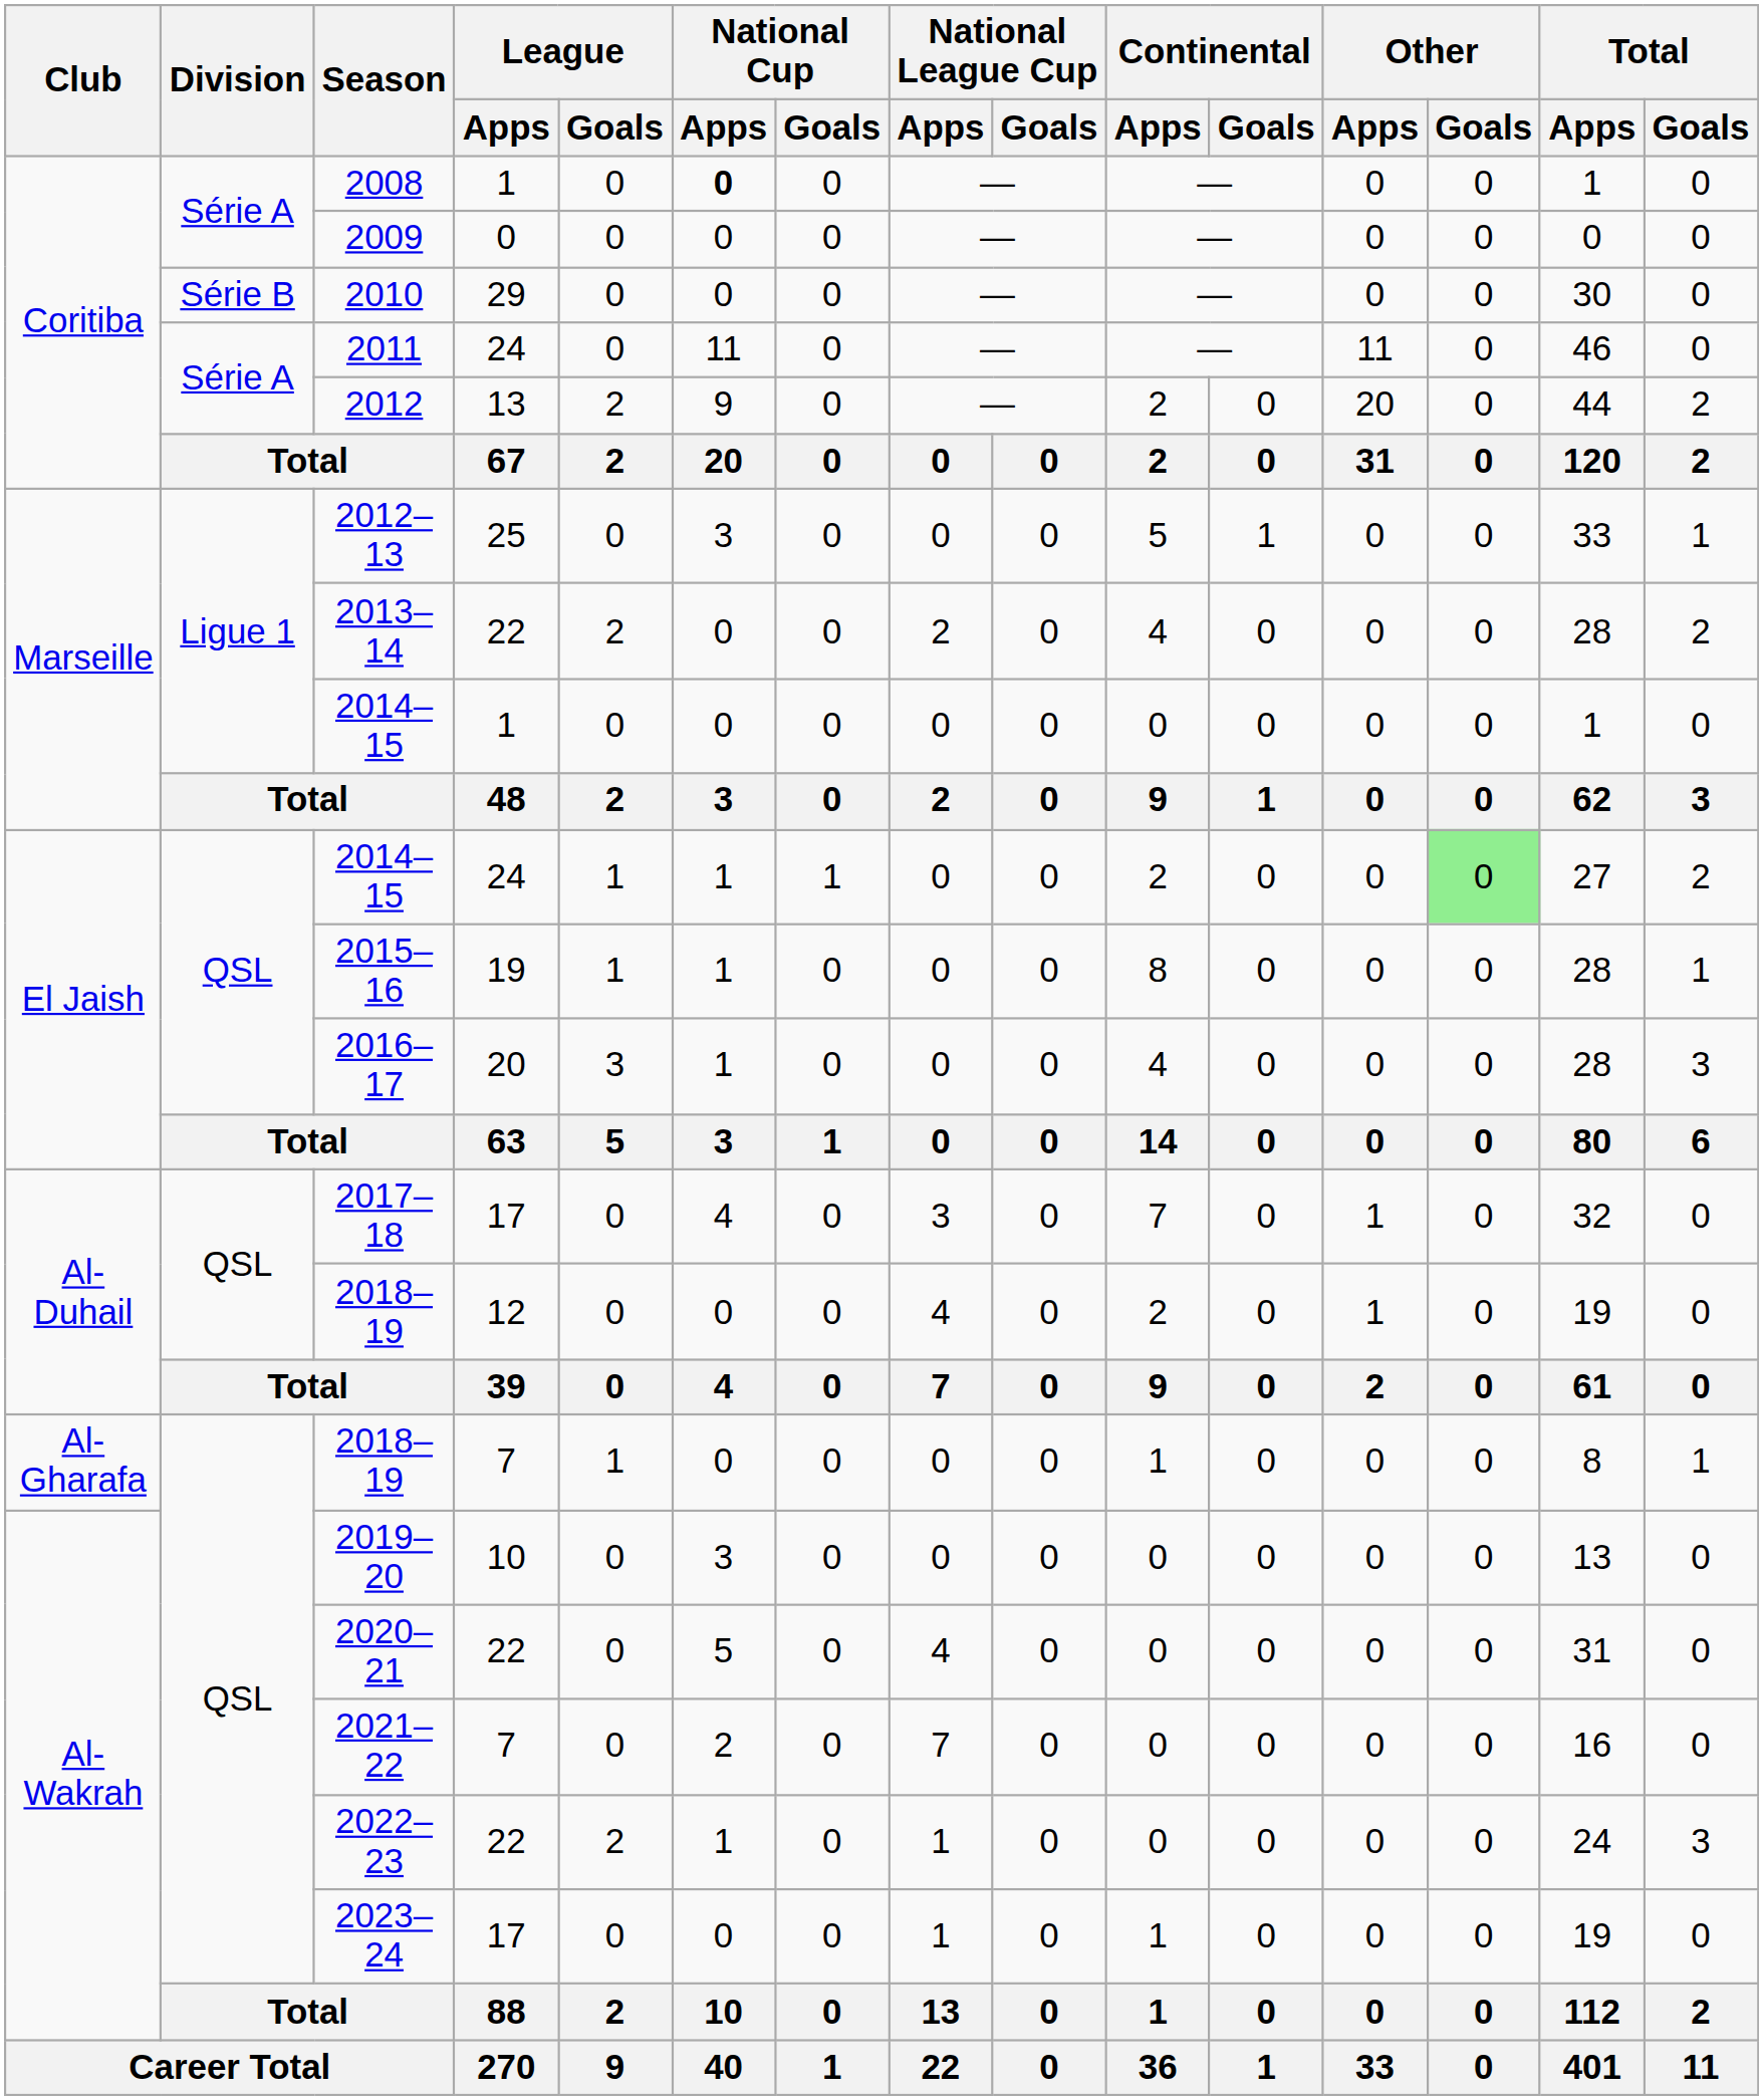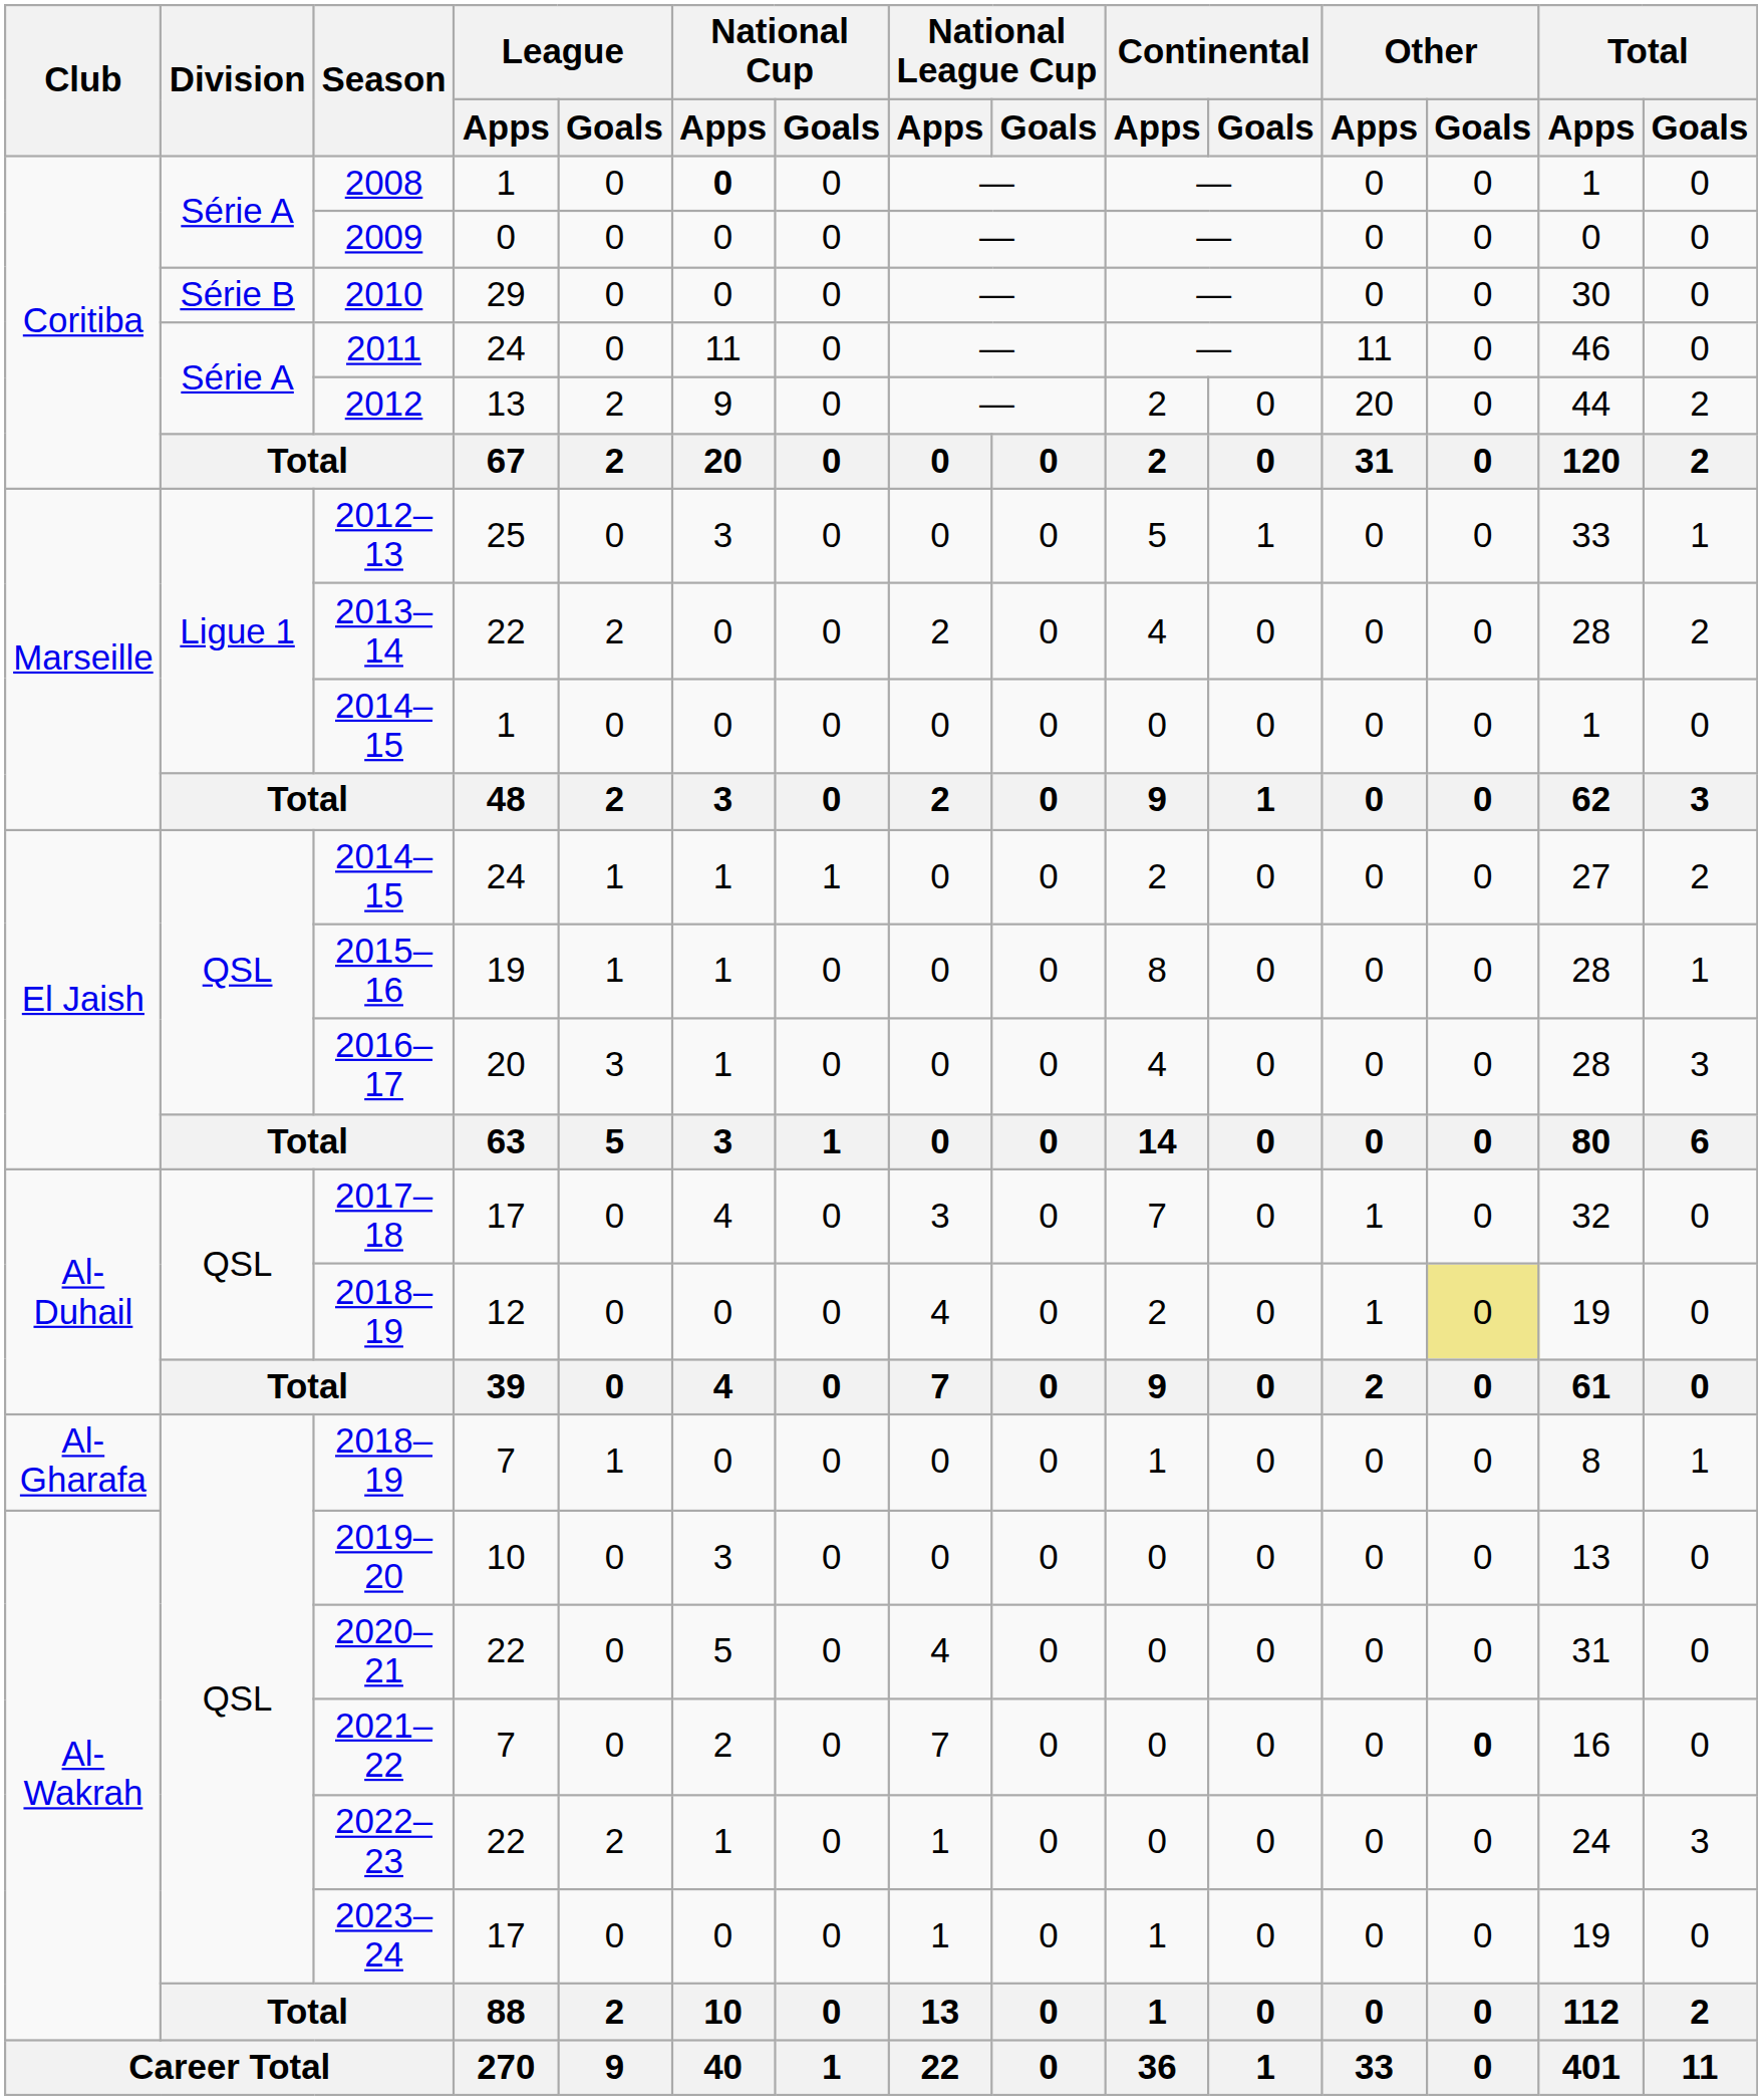 <table class="wikitable" style="text-align: center;">
 <tr>
 <th rowspan="2">Club</th>
 <th rowspan="2">Division</th>
 <th rowspan="2">Season</th>
 <th colspan="2">League</th>
 <th colspan="2">National Cup</th>
 <th colspan="2">National League Cup</th>
 <th colspan="2">Continental</th>
 <th colspan="2">Other</th>
 <th colspan="2">Total</th>
 </tr>
 <tr>
 <th>Apps</th>
 <th>Goals</th>
 <th>Apps</th>
 <th>Goals</th>
 <th>Apps</th>
 <th>Goals</th>
 <th>Apps</th>
 <th>Goals</th>
 <th>Apps</th>
 <th>Goals</th>
 <th>Apps</th>
 <th>Goals</th>
 </tr>
 <tr>
 <td rowspan="6"><a href='#'>Coritiba</a></td>
 <td rowspan="2"><a href='#'>Série A</a></td>
 <td><a href='#'>2008</a></td>
 <td>1</td>
 <td>0</td>
 <td><strong>0</strong></td>
 <td>0</td>
 <td colspan="2">—</td>
 <td colspan="2">—</td>
 <td>0</td>
 <td>0</td>
 <td>1</td>
 <td>0</td>
 </tr>
 <tr>
 <td><a href='#'>2009</a></td>
 <td>0</td>
 <td>0</td>
 <td>0</td>
 <td>0</td>
 <td colspan="2">—</td>
 <td colspan="2">—</td>
 <td>0</td>
 <td>0</td>
 <td>0</td>
 <td>0</td>
 </tr>
 <tr>
 <td><a href='#'>Série B</a></td>
 <td><a href='#'>2010</a></td>
 <td>29</td>
 <td>0</td>
 <td>0</td>
 <td>0</td>
 <td colspan="2">—</td>
 <td colspan="2">—</td>
 <td>0</td>
 <td>0</td>
 <td>30</td>
 <td>0</td>
 </tr>
 <tr>
 <td rowspan="2"><a href='#'>Série A</a></td>
 <td><a href='#'>2011</a></td>
 <td>24</td>
 <td>0</td>
 <td>11</td>
 <td>0</td>
 <td colspan="2">—</td>
 <td colspan="2">—</td>
 <td>11</td>
 <td>0</td>
 <td>46</td>
 <td>0</td>
 </tr>
 <tr>
 <td><a href='#'>2012</a></td>
 <td>13</td>
 <td>2</td>
 <td>9</td>
 <td>0</td>
 <td colspan="2">—</td>
 <td>2</td>
 <td>0</td>
 <td>20</td>
 <td>0</td>
 <td>44</td>
 <td>2</td>
 </tr>
 <tr>
 <th colspan="2">Total</th>
 <th>67</th>
 <th>2</th>
 <th>20</th>
 <th>0</th>
 <th>0</th>
 <th>0</th>
 <th>2</th>
 <th>0</th>
 <th>31</th>
 <th>0</th>
 <th>120</th>
 <th>2</th>
 </tr>
 <tr>
 <td rowspan="4"><a href='#'>Marseille</a></td>
 <td rowspan="3"><a href='#'>Ligue 1</a></td>
 <td><a href='#'>2012–13</a></td>
 <td>25</td>
 <td>0</td>
 <td>3</td>
 <td>0</td>
 <td>0</td>
 <td>0</td>
 <td>5</td>
 <td>1</td>
 <td>0</td>
 <td>0</td>
 <td>33</td>
 <td>1</td>
 </tr>
 <tr>
 <td><a href='#'>2013–14</a></td>
 <td>22</td>
 <td>2</td>
 <td>0</td>
 <td>0</td>
 <td>2</td>
 <td>0</td>
 <td>4</td>
 <td>0</td>
 <td>0</td>
 <td>0</td>
 <td>28</td>
 <td>2</td>
 </tr>
 <tr>
 <td><a href='#'>2014–15</a></td>
 <td>1</td>
 <td>0</td>
 <td>0</td>
 <td>0</td>
 <td>0</td>
 <td>0</td>
 <td>0</td>
 <td>0</td>
 <td>0</td>
 <td>0</td>
 <td>1</td>
 <td>0</td>
 </tr>
 <tr>
 <th colspan="2">Total</th>
 <th>48</th>
 <th>2</th>
 <th>3</th>
 <th>0</th>
 <th>2</th>
 <th>0</th>
 <th>9</th>
 <th>1</th>
 <th>0</th>
 <th>0</th>
 <th>62</th>
 <th>3</th>
 </tr>
 <tr>
 <td rowspan="4"><a href='#'>El Jaish</a></td>
 <td rowspan="3"><a href='#'>QSL</a></td>
 <td><a href='#'>2014–15</a></td>
 <td>24</td>
 <td>1</td>
 <td>1</td>
 <td>1</td>
 <td>0</td>
 <td>0</td>
 <td>2</td>
 <td>0</td>
 <td>0</td>
-<td style="background: lightgreen;">0</td>
+<td>0</td>
 <td>27</td>
 <td>2</td>
 </tr>
 <tr>
 <td><a href='#'>2015–16</a></td>
 <td>19</td>
 <td>1</td>
 <td>1</td>
 <td>0</td>
 <td>0</td>
 <td>0</td>
 <td>8</td>
 <td>0</td>
 <td>0</td>
 <td>0</td>
 <td>28</td>
 <td>1</td>
 </tr>
 <tr>
 <td><a href='#'>2016–17</a></td>
 <td>20</td>
 <td>3</td>
 <td>1</td>
 <td>0</td>
 <td>0</td>
 <td>0</td>
 <td>4</td>
 <td>0</td>
 <td>0</td>
 <td>0</td>
 <td>28</td>
 <td>3</td>
 </tr>
 <tr>
 <th colspan="2">Total</th>
 <th>63</th>
 <th>5</th>
 <th>3</th>
 <th>1</th>
 <th>0</th>
 <th>0</th>
 <th>14</th>
 <th>0</th>
 <th>0</th>
 <th>0</th>
 <th>80</th>
 <th>6</th>
 </tr>
 <tr>
 <td rowspan="3"><a href='#'>Al-Duhail</a></td>
 <td rowspan="2">QSL</td>
 <td><a href='#'>2017–18</a></td>
 <td>17</td>
 <td>0</td>
 <td>4</td>
 <td>0</td>
 <td>3</td>
 <td>0</td>
 <td>7</td>
 <td>0</td>
 <td>1</td>
 <td>0</td>
 <td>32</td>
 <td>0</td>
 </tr>
 <tr>
 <td><a href='#'>2018–19</a></td>
 <td>12</td>
 <td>0</td>
 <td>0</td>
 <td>0</td>
 <td>4</td>
 <td>0</td>
 <td>2</td>
 <td>0</td>
 <td>1</td>
-<td>0</td>
+<td style="background: khaki;">0</td>
 <td>19</td>
 <td>0</td>
 </tr>
 <tr>
 <th colspan="2">Total</th>
 <th>39</th>
 <th>0</th>
 <th>4</th>
 <th>0</th>
 <th>7</th>
 <th>0</th>
 <th>9</th>
 <th>0</th>
 <th>2</th>
 <th>0</th>
 <th>61</th>
 <th>0</th>
 </tr>
 <tr>
 <td><a href='#'>Al-Gharafa</a></td>
 <td rowspan="6">QSL</td>
 <td><a href='#'>2018–19</a></td>
 <td>7</td>
 <td>1</td>
 <td>0</td>
 <td>0</td>
 <td>0</td>
 <td>0</td>
 <td>1</td>
 <td>0</td>
 <td>0</td>
 <td>0</td>
 <td>8</td>
 <td>1</td>
 </tr>
 <tr>
 <td rowspan="6"><a href='#'>Al-Wakrah</a></td>
 <td><a href='#'>2019–20</a></td>
 <td>10</td>
 <td>0</td>
 <td>3</td>
 <td>0</td>
 <td>0</td>
 <td>0</td>
 <td>0</td>
 <td>0</td>
 <td>0</td>
 <td>0</td>
 <td>13</td>
 <td>0</td>
 </tr>
 <tr>
 <td><a href='#'>2020–21</a></td>
 <td>22</td>
 <td>0</td>
 <td>5</td>
 <td>0</td>
 <td>4</td>
 <td>0</td>
 <td>0</td>
 <td>0</td>
 <td>0</td>
 <td>0</td>
 <td>31</td>
 <td>0</td>
 </tr>
 <tr>
 <td><a href='#'>2021–22</a></td>
 <td>7</td>
 <td>0</td>
 <td>2</td>
 <td>0</td>
 <td>7</td>
 <td>0</td>
 <td>0</td>
 <td>0</td>
 <td>0</td>
-<td>0</td>
+<td><strong>0</strong></td>
 <td>16</td>
 <td>0</td>
 </tr>
 <tr>
 <td><a href='#'>2022–23</a></td>
 <td>22</td>
 <td>2</td>
 <td>1</td>
 <td>0</td>
 <td>1</td>
 <td>0</td>
 <td>0</td>
 <td>0</td>
 <td>0</td>
 <td>0</td>
 <td>24</td>
 <td>3</td>
 </tr>
 <tr>
 <td><a href='#'>2023–24</a></td>
 <td>17</td>
 <td>0</td>
 <td>0</td>
 <td>0</td>
 <td>1</td>
 <td>0</td>
 <td>1</td>
 <td>0</td>
 <td>0</td>
 <td>0</td>
 <td>19</td>
 <td>0</td>
 </tr>
 <tr>
 <th colspan="2">Total</th>
 <th>88</th>
 <th>2</th>
 <th>10</th>
 <th>0</th>
 <th>13</th>
 <th>0</th>
 <th>1</th>
 <th>0</th>
 <th>0</th>
 <th>0</th>
 <th>112</th>
 <th>2</th>
 </tr>
 <tr>
 <th colspan="3">Career Total</th>
 <th>270</th>
 <th>9</th>
 <th>40</th>
 <th>1</th>
 <th>22</th>
 <th>0</th>
 <th>36</th>
 <th>1</th>
 <th>33</th>
 <th>0</th>
 <th>401</th>
 <th>11</th>
 </tr>
 </table>
